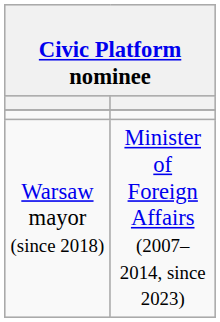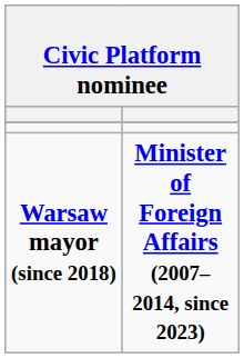 <table class="wikitable" style="font-size:90%; text-align:center;">
 <tr>
 <td colspan="28" style="background:#f1f1f1;"><br><strong><a href='#'>Civic Platform</a> nominee</strong></td>
 </tr>
 <tr>
 <th style="width:3em; font-size:135%; background:"></th>
 <th style="width:3em; font-size:135%; background:"></th>
 </tr>
 <tr style="color:#000; font-size:100%; background:#FCA241 ;">
 </tr>
 <tr>
 <td></td>
 <td></td>
 </tr>
 <tr>
-<td><a href='#'>Warsaw</a> mayor<br><small>(since 2018)</small></td>
-<td><a href='#'>Minister of Foreign Affairs</a><br><small>(2007–2014, since 2023)</small></td>
+<td><strong><a href='#'>Warsaw</a> mayor<br><small>(since 2018)</small></strong></td>
+<td><strong><a href='#'>Minister of Foreign Affairs</a><br><small>(2007–2014, since 2023)</small></strong></td>
 </tr>
 </table>
